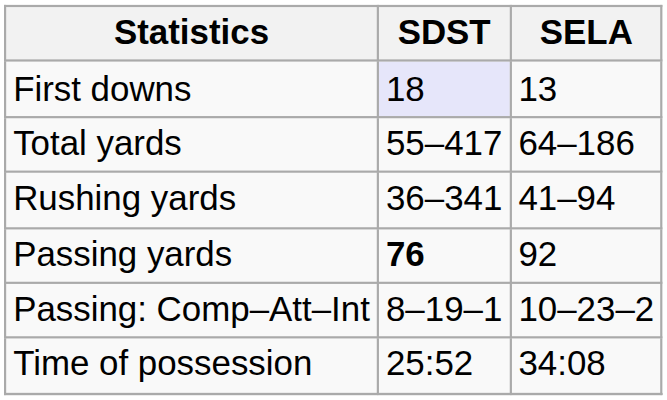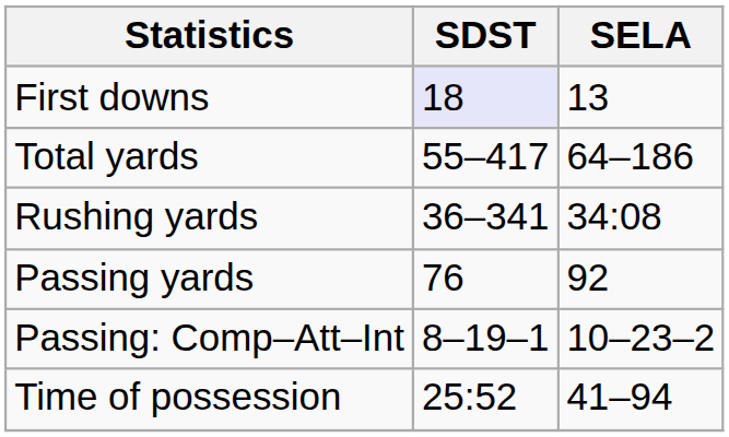 <table class="wikitable" style="float: left;">
 <tr>
 <th>Statistics</th>
 <th>SDST</th>
 <th>SELA</th>
 </tr>
 <tr>
 <td>First downs</td>
 <td style="background: lavender;">18</td>
 <td>13</td>
 </tr>
 <tr>
 <td>Total yards</td>
 <td>55–417</td>
 <td>64–186</td>
 </tr>
 <tr>
 <td>Rushing yards</td>
 <td>36–341</td>
-<td>41–94</td>
+<td>34:08</td>
 </tr>
 <tr>
 <td>Passing yards</td>
-<td><strong>76</strong></td>
+<td>76</td>
 <td>92</td>
 </tr>
 <tr>
 <td>Passing: Comp–Att–Int</td>
 <td>8–19–1</td>
 <td>10–23–2</td>
 </tr>
 <tr>
 <td>Time of possession</td>
 <td>25:52</td>
-<td>34:08</td>
+<td>41–94</td>
 </tr>
 <tr>
 </tr>
 </table>
